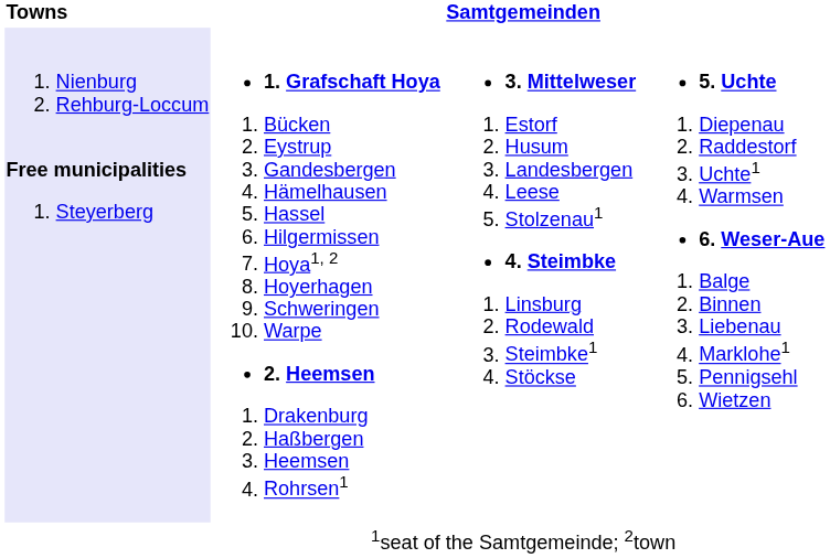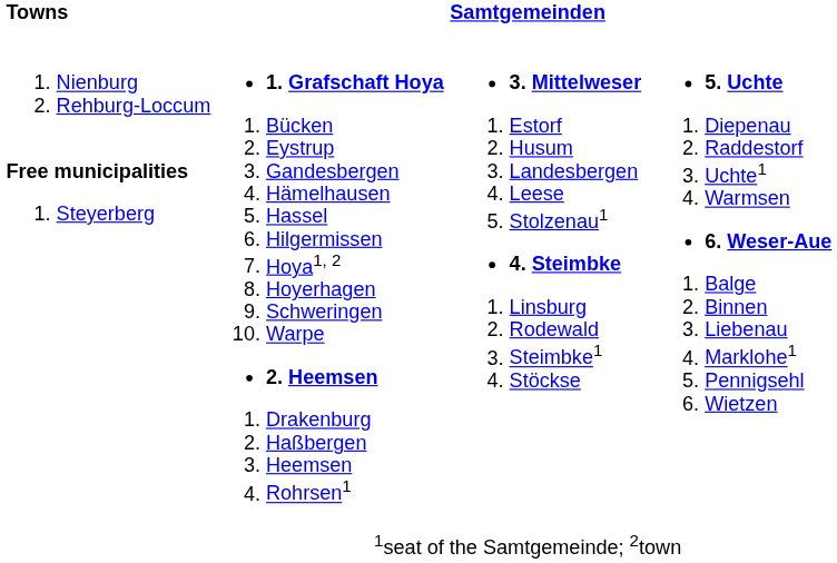 <table>
 <tr>
 <th align=left width=25%>Towns</th>
 <th colspan=3 align=center width=75%><a href='#'>Samtgemeinden</a></th>
 </tr>
 <tr valign=top>
-<td style="background: lavender;"><br><ol><li><a href='#'>Nienburg</a></li><li><a href='#'>Rehburg-Loccum</a></li></ol><br> <strong>Free municipalities</strong><ol><li><a href='#'>Steyerberg</a></li></ol></td>
+<td><br><ol><li><a href='#'>Nienburg</a></li><li><a href='#'>Rehburg-Loccum</a></li></ol><br> <strong>Free municipalities</strong><ol><li><a href='#'>Steyerberg</a></li></ol></td>
 <td><br><ul><li><strong>1. <a href='#'>Grafschaft Hoya</a></strong></li></ul><ol><li><a href='#'>Bücken</a></li><li><a href='#'>Eystrup</a></li><li><a href='#'>Gandesbergen</a></li><li><a href='#'>Hämelhausen</a></li><li><a href='#'>Hassel</a></li><li><a href='#'>Hilgermissen</a></li><li><a href='#'>Hoya</a><sup>1, 2</sup></li><li><a href='#'>Hoyerhagen</a></li><li><a href='#'>Schweringen</a></li><li><a href='#'>Warpe</a></li></ol><ul><li><strong>2. <a href='#'>Heemsen</a></strong></li></ul><ol><li><a href='#'>Drakenburg</a></li><li><a href='#'>Haßbergen</a></li><li><a href='#'>Heemsen</a></li><li><a href='#'>Rohrsen</a><sup>1</sup></li></ol></td>
 <td><br><ul><li><strong>3. <a href='#'>Mittelweser</a></strong></li></ul><ol><li><a href='#'>Estorf</a></li><li><a href='#'>Husum</a></li><li><a href='#'>Landesbergen</a></li><li><a href='#'>Leese</a></li><li><a href='#'>Stolzenau</a><sup>1</sup></li></ol><ul><li><strong>4. <a href='#'>Steimbke</a></strong></li></ul><ol><li><a href='#'>Linsburg</a></li><li><a href='#'>Rodewald</a></li><li><a href='#'>Steimbke</a><sup>1</sup></li><li><a href='#'>Stöckse</a></li></ol></td>
 <td><br><ul><li><strong>5. <a href='#'>Uchte</a></strong></li></ul><ol><li><a href='#'>Diepenau</a></li><li><a href='#'>Raddestorf</a></li><li><a href='#'>Uchte</a><sup>1</sup></li><li><a href='#'>Warmsen</a></li></ol><ul><li><strong>6. <a href='#'>Weser-Aue</a></strong></li></ul><ol><li><a href='#'>Balge</a></li><li><a href='#'>Binnen</a></li><li><a href='#'>Liebenau</a></li><li><a href='#'>Marklohe</a><sup>1</sup></li><li><a href='#'>Pennigsehl</a></li><li><a href='#'>Wietzen</a></li></ol></td>
 </tr>
 <tr>
 <td></td>
 <td colspan=3 align=center><sup>1</sup>seat of the Samtgemeinde; <sup>2</sup>town</td>
 </tr>
 </table>
